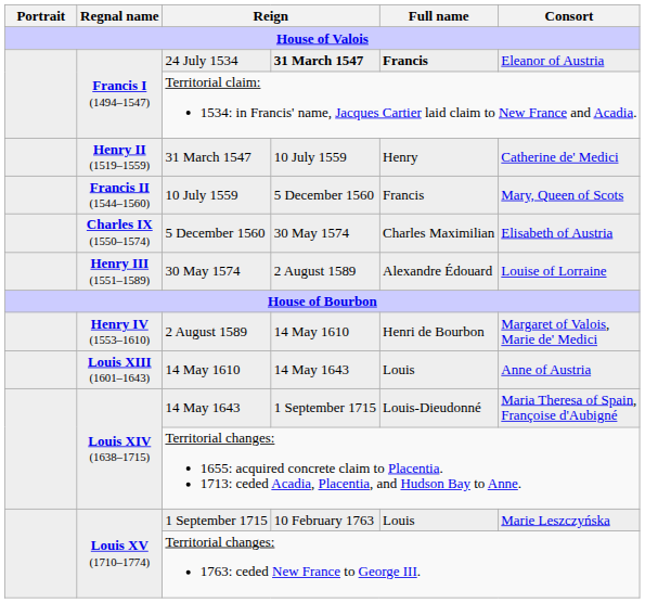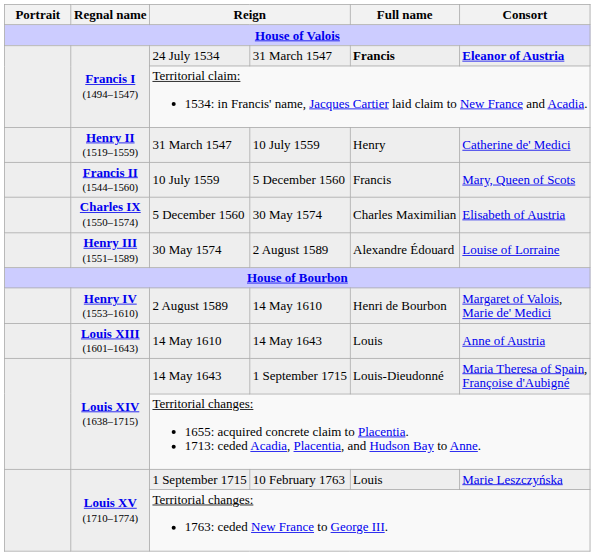 <table class="wikitable sortable sticky-header" style=text-align:left" style="margin:1em auto;">
 <tr>
 <th width=75>Portrait</th>
 <th>Regnal name</th>
 <th colspan=2>Reign</th>
 <th>Full name</th>
 <th>Consort</th>
 </tr>
 <tr>
 <th colspan=8 style="background-color:#ccccff"><a href='#'>House of Valois</a></th>
 </tr>
 <tr style="background:#eee;">
 <td rowspan=2 align="center"></td>
 <td rowspan=2 align="center"><strong><a href='#'>Francis I</a></strong><br><small>(1494–1547)</small></td>
 <td>24 July 1534</td>
-<td><strong>31 March 1547</strong></td>
+<td>31 March 1547</td>
 <td><strong>Francis</strong></td>
-<td><a href='#'>Eleanor of Austria</a></td>
+<td><strong><a href='#'>Eleanor of Austria</a></strong></td>
 </tr>
 <tr>
 <td colspan=4><u>Territorial claim:</u><br><ul><li>1534: in Francis' name, <a href='#'>Jacques Cartier</a> laid claim to <a href='#'>New France</a> and <a href='#'>Acadia</a>.</li></ul></td>
 </tr>
 <tr style="background:#eee;">
 <td align="center"></td>
 <td align="center"><strong><a href='#'>Henry II</a></strong><br><small>(1519–1559)</small></td>
 <td>31 March 1547</td>
 <td>10 July 1559</td>
 <td>Henry</td>
 <td><a href='#'>Catherine de' Medici</a></td>
 </tr>
 <tr style="background:#eee;">
 <td align="center"></td>
 <td align="center"><strong><a href='#'>Francis II</a></strong><br><small>(1544–1560)</small></td>
 <td>10 July 1559</td>
 <td>5 December 1560</td>
 <td>Francis</td>
 <td><a href='#'>Mary, Queen of Scots</a></td>
 </tr>
 <tr style="background:#eee;">
 <td align="center"></td>
 <td align="center"><strong><a href='#'>Charles IX</a></strong><br><small>(1550–1574)</small></td>
 <td>5 December 1560</td>
 <td>30 May 1574</td>
 <td>Charles Maximilian</td>
 <td><a href='#'>Elisabeth of Austria</a></td>
 </tr>
 <tr style="background:#eee;">
 <td align="center"></td>
 <td align="center"><strong><a href='#'>Henry III</a></strong><br><small>(1551–1589)</small></td>
 <td>30 May 1574</td>
 <td>2 August 1589</td>
 <td>Alexandre Édouard</td>
 <td><a href='#'>Louise of Lorraine</a></td>
 </tr>
 <tr>
 <th colspan=8 style="background-color:#ccccff"><a href='#'>House of Bourbon</a></th>
 </tr>
 <tr style="background:#eee;">
 <td align="center"></td>
 <td align="center"><strong><a href='#'>Henry IV</a></strong><br><small>(1553–1610)</small></td>
 <td>2 August 1589</td>
 <td>14 May 1610</td>
 <td>Henri de Bourbon</td>
 <td><a href='#'>Margaret of Valois</a>,<br><a href='#'>Marie de' Medici</a></td>
 </tr>
 <tr style="background:#eee;">
 <td align="center"></td>
 <td align="center"><strong><a href='#'>Louis XIII</a></strong><br><small>(1601–1643)</small></td>
 <td>14 May 1610</td>
 <td>14 May 1643</td>
 <td>Louis</td>
 <td><a href='#'>Anne of Austria</a></td>
 </tr>
 <tr style="background:#eee;">
 <td rowspan=2 align="center"></td>
 <td rowspan=2 align="center"><strong><a href='#'>Louis XIV</a></strong><br><small>(1638–1715)</small></td>
 <td>14 May 1643</td>
 <td>1 September 1715</td>
 <td>Louis-Dieudonné</td>
 <td><a href='#'>Maria Theresa of Spain</a>,<br><a href='#'>Françoise d'Aubigné</a></td>
 </tr>
 <tr>
 <td colspan=4><u>Territorial changes:</u><br><ul><li>1655: acquired concrete claim to <a href='#'>Placentia</a>.</li><li>1713: ceded <a href='#'>Acadia</a>, <a href='#'>Placentia</a>, and <a href='#'>Hudson Bay</a> to <a href='#'>Anne</a>.</li></ul></td>
 </tr>
 <tr style="background:#eee;">
 <td rowspan=2 align="center"></td>
 <td rowspan=2 align="center"><strong><a href='#'>Louis XV</a></strong><br><small>(1710–1774)</small></td>
 <td>1 September 1715</td>
 <td>10 February 1763</td>
 <td>Louis</td>
 <td><a href='#'>Marie Leszczyńska</a></td>
 </tr>
 <tr>
 <td colspan=4><u>Territorial changes:</u><br><ul><li>1763: ceded <a href='#'>New France</a> to <a href='#'>George III</a>.</li></ul></td>
 </tr>
 </table>
